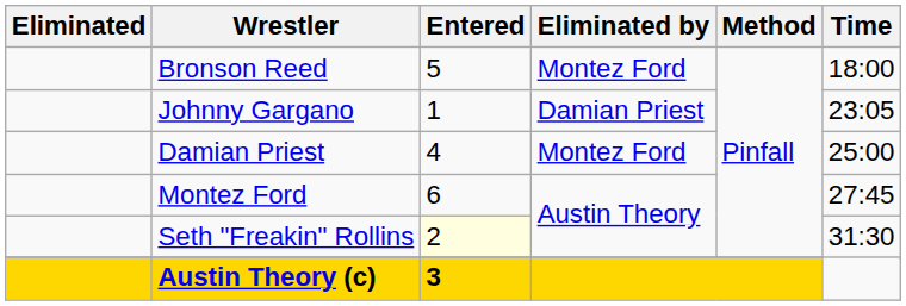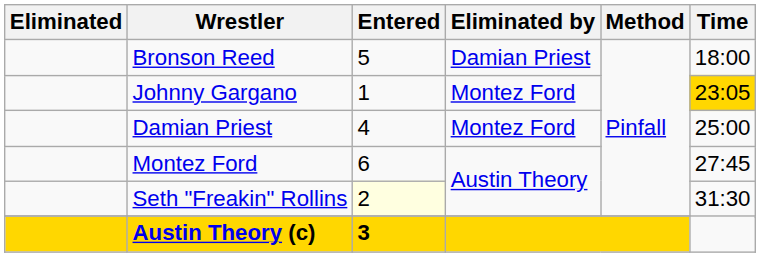 <table class="wikitable sortable">
 <tr>
 <th>Eliminated</th>
 <th>Wrestler</th>
 <th>Entered</th>
 <th>Eliminated by</th>
 <th>Method</th>
 <th>Time</th>
 </tr>
 <tr>
 <td></td>
 <td><a href='#'>Bronson Reed</a></td>
 <td>5</td>
-<td><a href='#'>Montez Ford</a></td>
+<td><a href='#'>Damian Priest</a></td>
 <td rowspan=5><a href='#'>Pinfall</a></td>
 <td>18:00</td>
 </tr>
 <tr>
 <td></td>
 <td><a href='#'>Johnny Gargano</a></td>
 <td>1</td>
-<td><a href='#'>Damian Priest</a></td>
-<td>23:05</td>
+<td><a href='#'>Montez Ford</a></td>
+<td style="background: gold;">23:05</td>
 </tr>
 <tr>
 <td></td>
 <td><a href='#'>Damian Priest</a></td>
 <td>4</td>
 <td><a href='#'>Montez Ford</a></td>
 <td>25:00</td>
 </tr>
 <tr>
 <td></td>
 <td><a href='#'>Montez Ford</a></td>
 <td>6</td>
 <td rowspan=2><a href='#'>Austin Theory</a></td>
 <td>27:45</td>
 </tr>
 <tr>
 <td></td>
 <td><a href='#'>Seth "Freakin" Rollins</a></td>
 <td style="background: lightyellow;">2</td>
 <td rowspan=2>31:30</td>
 </tr>
 <tr>
 </tr>
 <tr style="background: gold">
 <td></td>
 <td><strong><a href='#'>Austin Theory</a> (c)</strong></td>
 <td><strong>3</strong></td>
 <td colspan="2"></td>
 </tr>
 </table>
